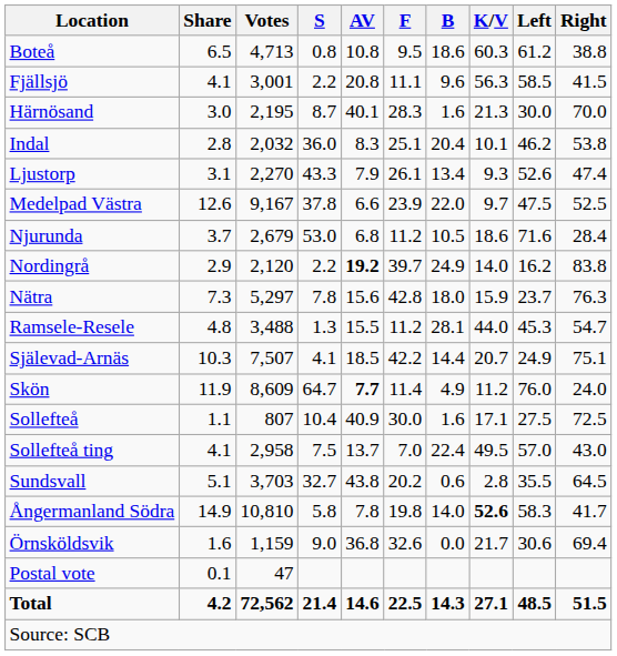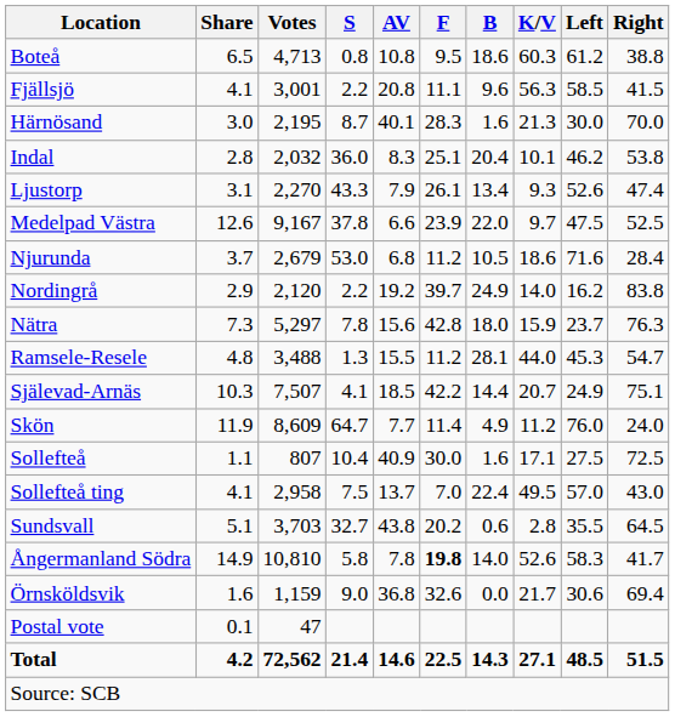 <table class="wikitable sortable" style=text-align:right>
 <tr>
 <th>Location</th>
 <th>Share</th>
 <th>Votes</th>
 <th><a href='#'>S</a></th>
 <th><a href='#'>AV</a></th>
 <th><a href='#'>F</a></th>
 <th><a href='#'>B</a></th>
 <th><a href='#'>K</a>/<a href='#'>V</a></th>
 <th>Left</th>
 <th>Right</th>
 </tr>
 <tr>
 <td align=left><a href='#'>Boteå</a></td>
 <td>6.5</td>
 <td>4,713</td>
 <td>0.8</td>
 <td>10.8</td>
 <td>9.5</td>
 <td>18.6</td>
 <td>60.3</td>
 <td>61.2</td>
 <td>38.8</td>
 </tr>
 <tr>
 <td align=left><a href='#'>Fjällsjö</a></td>
 <td>4.1</td>
 <td>3,001</td>
 <td>2.2</td>
 <td>20.8</td>
 <td>11.1</td>
 <td>9.6</td>
 <td>56.3</td>
 <td>58.5</td>
 <td>41.5</td>
 </tr>
 <tr>
 <td align=left><a href='#'>Härnösand</a></td>
 <td>3.0</td>
 <td>2,195</td>
 <td>8.7</td>
 <td>40.1</td>
 <td>28.3</td>
 <td>1.6</td>
 <td>21.3</td>
 <td>30.0</td>
 <td>70.0</td>
 </tr>
 <tr>
 <td align=left><a href='#'>Indal</a></td>
 <td>2.8</td>
 <td>2,032</td>
 <td>36.0</td>
 <td>8.3</td>
 <td>25.1</td>
 <td>20.4</td>
 <td>10.1</td>
 <td>46.2</td>
 <td>53.8</td>
 </tr>
 <tr>
 <td align=left><a href='#'>Ljustorp</a></td>
 <td>3.1</td>
 <td>2,270</td>
 <td>43.3</td>
 <td>7.9</td>
 <td>26.1</td>
 <td>13.4</td>
 <td>9.3</td>
 <td>52.6</td>
 <td>47.4</td>
 </tr>
 <tr>
 <td align=left><a href='#'>Medelpad Västra</a></td>
 <td>12.6</td>
 <td>9,167</td>
 <td>37.8</td>
 <td>6.6</td>
 <td>23.9</td>
 <td>22.0</td>
 <td>9.7</td>
 <td>47.5</td>
 <td>52.5</td>
 </tr>
 <tr>
 <td align=left><a href='#'>Njurunda</a></td>
 <td>3.7</td>
 <td>2,679</td>
 <td>53.0</td>
 <td>6.8</td>
 <td>11.2</td>
 <td>10.5</td>
 <td>18.6</td>
 <td>71.6</td>
 <td>28.4</td>
 </tr>
 <tr>
 <td align=left><a href='#'>Nordingrå</a></td>
 <td>2.9</td>
 <td>2,120</td>
 <td>2.2</td>
-<td><strong>19.2</strong></td>
+<td>19.2</td>
 <td>39.7</td>
 <td>24.9</td>
 <td>14.0</td>
 <td>16.2</td>
 <td>83.8</td>
 </tr>
 <tr>
 <td align=left><a href='#'>Nätra</a></td>
 <td>7.3</td>
 <td>5,297</td>
 <td>7.8</td>
 <td>15.6</td>
 <td>42.8</td>
 <td>18.0</td>
 <td>15.9</td>
 <td>23.7</td>
 <td>76.3</td>
 </tr>
 <tr>
 <td align=left><a href='#'>Ramsele-Resele</a></td>
 <td>4.8</td>
 <td>3,488</td>
 <td>1.3</td>
 <td>15.5</td>
 <td>11.2</td>
 <td>28.1</td>
 <td>44.0</td>
 <td>45.3</td>
 <td>54.7</td>
 </tr>
 <tr>
 <td align=left><a href='#'>Själevad-Arnäs</a></td>
 <td>10.3</td>
 <td>7,507</td>
 <td>4.1</td>
 <td>18.5</td>
 <td>42.2</td>
 <td>14.4</td>
 <td>20.7</td>
 <td>24.9</td>
 <td>75.1</td>
 </tr>
 <tr>
 <td align=left><a href='#'>Skön</a></td>
 <td>11.9</td>
 <td>8,609</td>
 <td>64.7</td>
-<td><strong>7.7</strong></td>
+<td>7.7</td>
 <td>11.4</td>
 <td>4.9</td>
 <td>11.2</td>
 <td>76.0</td>
 <td>24.0</td>
 </tr>
 <tr>
 <td align=left><a href='#'>Sollefteå</a></td>
 <td>1.1</td>
 <td>807</td>
 <td>10.4</td>
 <td>40.9</td>
 <td>30.0</td>
 <td>1.6</td>
 <td>17.1</td>
 <td>27.5</td>
 <td>72.5</td>
 </tr>
 <tr>
 <td align=left><a href='#'>Sollefteå ting</a></td>
 <td>4.1</td>
 <td>2,958</td>
 <td>7.5</td>
 <td>13.7</td>
 <td>7.0</td>
 <td>22.4</td>
 <td>49.5</td>
 <td>57.0</td>
 <td>43.0</td>
 </tr>
 <tr>
 <td align=left><a href='#'>Sundsvall</a></td>
 <td>5.1</td>
 <td>3,703</td>
 <td>32.7</td>
 <td>43.8</td>
 <td>20.2</td>
 <td>0.6</td>
 <td>2.8</td>
 <td>35.5</td>
 <td>64.5</td>
 </tr>
 <tr>
 <td align=left><a href='#'>Ångermanland Södra</a></td>
 <td>14.9</td>
 <td>10,810</td>
 <td>5.8</td>
 <td>7.8</td>
-<td>19.8</td>
+<td><strong>19.8</strong></td>
 <td>14.0</td>
-<td><strong>52.6</strong></td>
+<td>52.6</td>
 <td>58.3</td>
 <td>41.7</td>
 </tr>
 <tr>
 <td align=left><a href='#'>Örnsköldsvik</a></td>
 <td>1.6</td>
 <td>1,159</td>
 <td>9.0</td>
 <td>36.8</td>
 <td>32.6</td>
 <td>0.0</td>
 <td>21.7</td>
 <td>30.6</td>
 <td>69.4</td>
 </tr>
 <tr>
 <td align=left><a href='#'>Postal vote</a></td>
 <td>0.1</td>
 <td>47</td>
 <td></td>
 <td></td>
 <td></td>
 <td></td>
 <td></td>
 <td></td>
 <td></td>
 </tr>
 <tr>
 <td align=left><strong>Total</strong></td>
 <td><strong>4.2</strong></td>
 <td><strong>72,562</strong></td>
 <td><strong>21.4</strong></td>
 <td><strong>14.6</strong></td>
 <td><strong>22.5</strong></td>
 <td><strong>14.3</strong></td>
 <td><strong>27.1</strong></td>
 <td><strong>48.5</strong></td>
 <td><strong>51.5</strong></td>
 </tr>
 <tr>
 <td align=left colspan=10>Source: SCB </td>
 </tr>
 </table>
